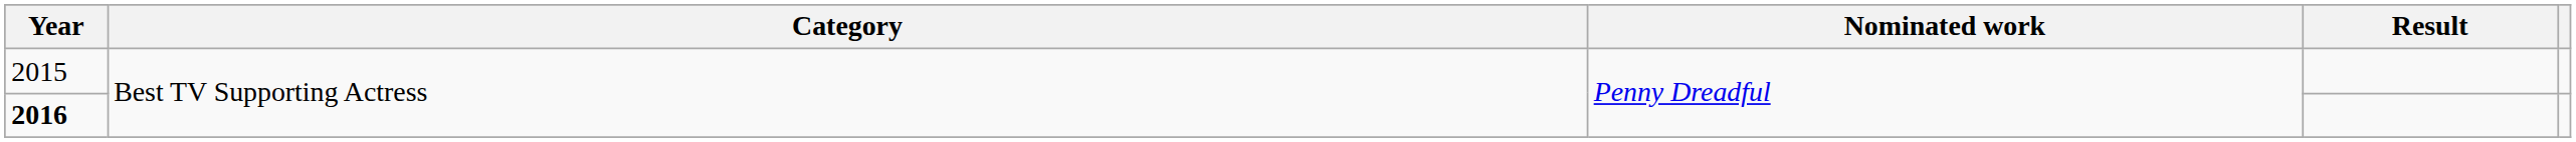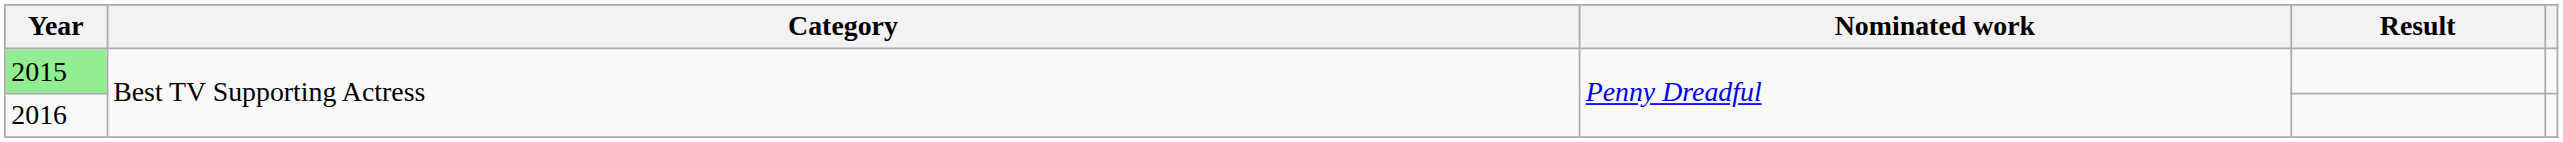 <table class="wikitable" width = 74%>
 <tr>
 <th width=4%>Year</th>
 <th width=58%>Category</th>
 <th width=28%>Nominated work</th>
 <th width=10%>Result</th>
 <th width=5%></th>
 </tr>
 <tr>
-<td>2015</td>
+<td style="background: lightgreen;">2015</td>
 <td rowspan="2">Best TV Supporting Actress</td>
 <td rowspan="2"><em><a href='#'>Penny Dreadful</a></em></td>
 <td></td>
 <td></td>
 </tr>
 <tr>
-<td><strong>2016</strong></td>
+<td>2016</td>
 <td></td>
 <td></td>
 </tr>
 </table>
